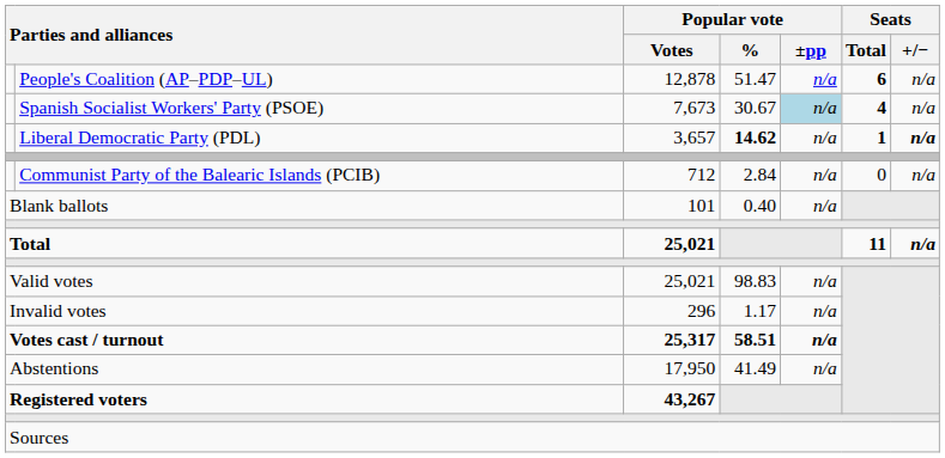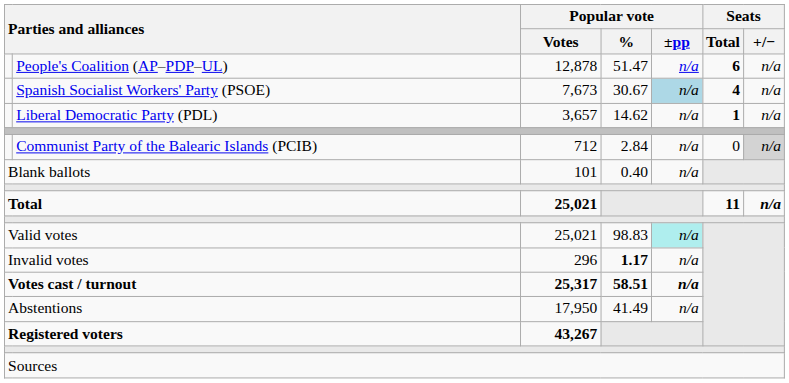 <table class="wikitable" style="text-align:right;">
 <tr>
 <th style="text-align:left;" rowspan="2" colspan="2" width="525">Parties and alliances</th>
 <th colspan="3">Popular vote</th>
 <th colspan="2">Seats</th>
 </tr>
 <tr>
 <th width="75">Votes</th>
 <th width="45">%</th>
 <th width="45">±<a href='#'>pp</a></th>
 <th width="35">Total</th>
 <th width="35">+/−</th>
 </tr>
 <tr>
 <td width="1" style="color:inherit;background:"></td>
 <td align="left"><a href='#'>People's Coalition</a> (<a href='#'>AP</a>–<a href='#'>PDP</a>–<a href='#'>UL</a>)</td>
 <td>12,878</td>
 <td>51.47</td>
 <td><em><a href='#'>n/a</a></em></td>
 <td><strong>6</strong></td>
 <td><em>n/a</em></td>
 </tr>
 <tr>
 <td style="color:inherit;background:"></td>
 <td align="left"><a href='#'>Spanish Socialist Workers' Party</a> (PSOE)</td>
 <td>7,673</td>
 <td>30.67</td>
 <td style="background: lightblue;"><em>n/a</em></td>
 <td><strong>4</strong></td>
 <td><em>n/a</em></td>
 </tr>
 <tr>
 <td style="color:inherit;background:"></td>
 <td align="left"><a href='#'>Liberal Democratic Party</a> (PDL)</td>
 <td>3,657</td>
-<td><strong>14.62</strong></td>
+<td>14.62</td>
 <td><em>n/a</em></td>
 <td><strong>1</strong></td>
-<td><strong><em>n/a</em></strong></td>
+<td><em>n/a</em></td>
 </tr>
 <tr>
 <td colspan="7" bgcolor="#C0C0C0"></td>
 </tr>
 <tr>
 <td style="color:inherit;background:"></td>
 <td align="left"><a href='#'>Communist Party of the Balearic Islands</a> (PCIB)</td>
 <td>712</td>
 <td>2.84</td>
 <td><em>n/a</em></td>
 <td>0</td>
-<td><em>n/a</em></td>
+<td style="background: lightgrey;"><em>n/a</em></td>
 </tr>
 <tr>
 <td align="left" colspan="2">Blank ballots</td>
 <td>101</td>
 <td>0.40</td>
 <td><em>n/a</em></td>
 <td bgcolor="#E9E9E9" colspan="2"></td>
 </tr>
 <tr>
 <td colspan="7" bgcolor="#E9E9E9"></td>
 </tr>
 <tr style="font-weight:bold;">
 <td align="left" colspan="2">Total</td>
 <td>25,021</td>
 <td bgcolor="#E9E9E9" colspan="2"></td>
 <td>11</td>
 <td><em>n/a</em></td>
 </tr>
 <tr>
 <td colspan="7" bgcolor="#E9E9E9"></td>
 </tr>
 <tr>
 <td align="left" colspan="2">Valid votes</td>
 <td>25,021</td>
 <td>98.83</td>
-<td><em>n/a</em></td>
+<td style="background: paleturquoise;"><em>n/a</em></td>
 <td bgcolor="#E9E9E9" colspan="2" rowspan="5"></td>
 </tr>
 <tr>
 <td align="left" colspan="2">Invalid votes</td>
 <td>296</td>
-<td>1.17</td>
+<td><strong>1.17</strong></td>
 <td><em>n/a</em></td>
 </tr>
 <tr style="font-weight:bold;">
 <td align="left" colspan="2">Votes cast / turnout</td>
 <td>25,317</td>
 <td>58.51</td>
 <td><em>n/a</em></td>
 </tr>
 <tr>
 <td align="left" colspan="2">Abstentions</td>
 <td>17,950</td>
 <td>41.49</td>
 <td><em>n/a</em></td>
 </tr>
 <tr style="font-weight:bold;">
 <td align="left" colspan="2">Registered voters</td>
 <td>43,267</td>
 <td bgcolor="#E9E9E9" colspan="2"></td>
 </tr>
 <tr>
 <td colspan="7" bgcolor="#E9E9E9"></td>
 </tr>
 <tr>
 <td align="left" colspan="7">Sources</td>
 </tr>
 </table>
